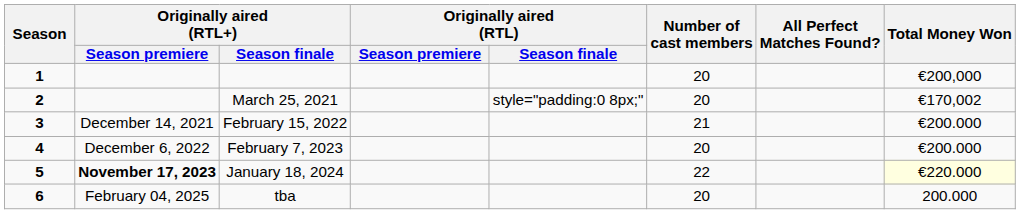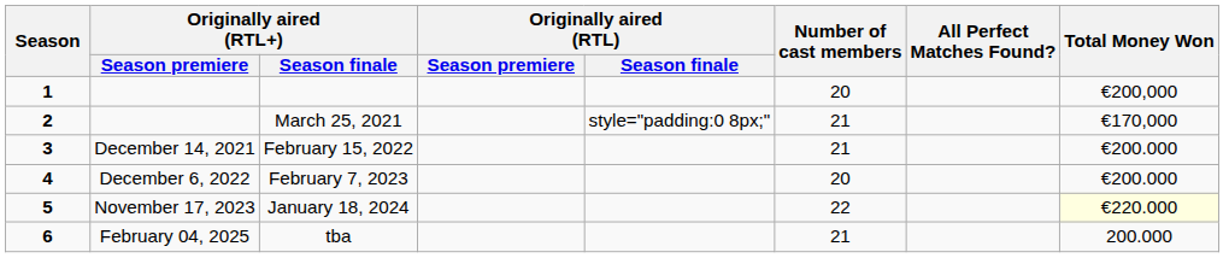 <table class="wikitable" style="text-align:center">
 <tr>
 <th style="padding: 0 8px;" rowspan="2">Season</th>
 <th colspan="2">Originally aired<br>(RTL+)</th>
 <th colspan="2">Originally aired<br>(RTL)</th>
 <th rowspan="2">Number of <br>cast members</th>
 <th rowspan="2">All Perfect <br>Matches Found?</th>
 <th rowspan="2">Total Money Won</th>
 </tr>
 <tr>
 <th style="padding: 0 8px;"><a href='#'>Season premiere</a></th>
 <th style="padding: 0 8px;"><a href='#'>Season finale</a></th>
 <th style="padding: 0 8px;"><a href='#'>Season premiere</a></th>
 <th style="padding: 0 8px;"><a href='#'>Season finale</a></th>
 </tr>
 <tr>
 <td><strong>1</strong></td>
 <td style="padding:0 8px;"></td>
 <td style="padding:0 8px;"></td>
 <td style="padding:0 8px;"></td>
 <td style="padding:0 8px;"></td>
 <td>20</td>
 <td></td>
 <td>€200,000</td>
 </tr>
 <tr>
 <td><strong>2</strong></td>
 <td style="padding:0 8px;"></td>
 <td style="padding:0 8px;">March 25, 2021</td>
 <td style="padding:0 8px;"></td>
 <td>style="padding:0 8px;" </td>
-<td>20</td>
+<td>21</td>
 <td></td>
-<td>€170,002</td>
+<td>€170,000</td>
 </tr>
 <tr>
 <td><strong>3</strong></td>
 <td>December 14, 2021</td>
 <td>February 15, 2022</td>
 <td></td>
 <td></td>
 <td>21</td>
 <td></td>
 <td>€200.000</td>
 </tr>
 <tr>
 <td><strong>4</strong></td>
 <td>December 6, 2022</td>
 <td>February 7, 2023</td>
 <td></td>
 <td></td>
 <td>20</td>
 <td></td>
 <td>€200.000</td>
 </tr>
 <tr>
 <td><strong>5</strong></td>
-<td><strong>November 17, 2023</strong></td>
+<td>November 17, 2023</td>
 <td>January 18, 2024</td>
 <td></td>
 <td></td>
 <td>22</td>
 <td></td>
 <td style="background: lightyellow;">€220.000</td>
 </tr>
 <tr>
 <td><strong>6</strong></td>
 <td>February 04, 2025</td>
 <td>tba</td>
 <td></td>
 <td></td>
-<td>20</td>
+<td>21</td>
 <td></td>
 <td>200.000</td>
 </tr>
 </table>
